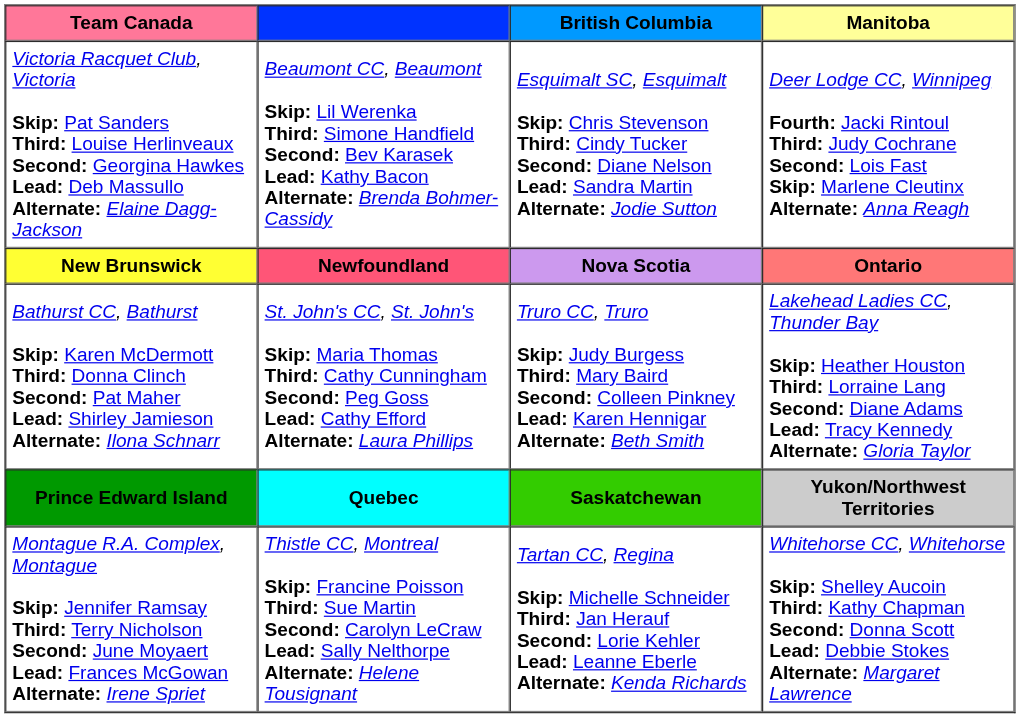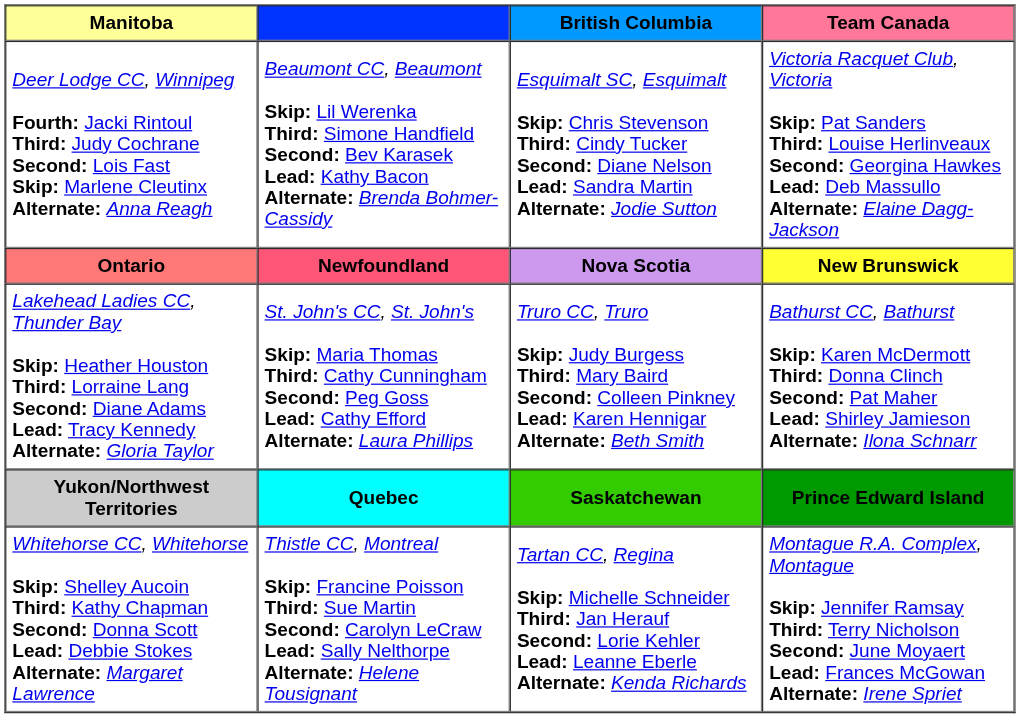 <table border=1 cellpadding=5 cellspacing=0>
 <tr>
-<th bgcolor="#ff7799" width="200">Team Canada</th>
+<th bgcolor="#ffff99" width="200">Manitoba</th>
 <th bgcolor="#0033ff" width="200"></th>
 <th bgcolor="#0099ff" width="200">British Columbia</th>
-<th bgcolor="#ffff99" width="200">Manitoba</th>
+<th bgcolor="#ff7799" width="200">Team Canada</th>
 </tr>
 <tr align=center>
-<td align=left><em><a href='#'>Victoria Racquet Club</a>, <a href='#'>Victoria</a></em> <br><br><strong>Skip:</strong>  <a href='#'>Pat Sanders</a><br> <strong>Third:</strong> <a href='#'>Louise Herlinveaux</a><br> <strong>Second:</strong> <a href='#'>Georgina Hawkes</a><br> <strong>Lead:</strong> <a href='#'>Deb Massullo</a><br> <strong>Alternate:</strong> <em><a href='#'>Elaine Dagg-Jackson</a></em></td>
+<td align=left><em><a href='#'>Deer Lodge CC</a>, <a href='#'>Winnipeg</a></em> <br><br><strong>Fourth:</strong>  <a href='#'>Jacki Rintoul</a><br> <strong>Third:</strong> <a href='#'>Judy Cochrane</a><br> <strong>Second:</strong> <a href='#'>Lois Fast</a><br> <strong>Skip:</strong> <a href='#'>Marlene Cleutinx</a><br> <strong>Alternate:</strong> <em><a href='#'>Anna Reagh</a></em></td>
 <td align=left><em><a href='#'>Beaumont CC</a>, <a href='#'>Beaumont</a></em> <br><br><strong>Skip:</strong>  <a href='#'>Lil Werenka</a><br> <strong>Third:</strong> <a href='#'>Simone Handfield</a><br> <strong>Second:</strong> <a href='#'>Bev Karasek</a><br> <strong>Lead:</strong> <a href='#'>Kathy Bacon</a><br> <strong>Alternate:</strong> <em><a href='#'>Brenda Bohmer-Cassidy</a></em></td>
 <td align=left><em><a href='#'>Esquimalt SC</a>, <a href='#'>Esquimalt</a></em> <br><br><strong>Skip:</strong>  <a href='#'>Chris Stevenson</a><br> <strong>Third:</strong> <a href='#'>Cindy Tucker</a><br> <strong>Second:</strong> <a href='#'>Diane Nelson</a><br> <strong>Lead:</strong> <a href='#'>Sandra Martin</a><br> <strong>Alternate:</strong> <em><a href='#'>Jodie Sutton</a></em></td>
-<td align=left><em><a href='#'>Deer Lodge CC</a>, <a href='#'>Winnipeg</a></em> <br><br><strong>Fourth:</strong>  <a href='#'>Jacki Rintoul</a><br> <strong>Third:</strong> <a href='#'>Judy Cochrane</a><br> <strong>Second:</strong> <a href='#'>Lois Fast</a><br> <strong>Skip:</strong> <a href='#'>Marlene Cleutinx</a><br> <strong>Alternate:</strong> <em><a href='#'>Anna Reagh</a></em></td>
+<td align=left><em><a href='#'>Victoria Racquet Club</a>, <a href='#'>Victoria</a></em> <br><br><strong>Skip:</strong>  <a href='#'>Pat Sanders</a><br> <strong>Third:</strong> <a href='#'>Louise Herlinveaux</a><br> <strong>Second:</strong> <a href='#'>Georgina Hawkes</a><br> <strong>Lead:</strong> <a href='#'>Deb Massullo</a><br> <strong>Alternate:</strong> <em><a href='#'>Elaine Dagg-Jackson</a></em></td>
 </tr>
 <tr border=1 cellpadding=5 cellspacing=0>
-<th bgcolor="#ffff33" width="200">New Brunswick</th>
+<th bgcolor="#ff7777" width="200">Ontario</th>
 <th bgcolor="#ff5577" width="200">Newfoundland</th>
 <th bgcolor="#cc99ee" width="200">Nova Scotia</th>
-<th bgcolor="#ff7777" width="200">Ontario</th>
+<th bgcolor="#ffff33" width="200">New Brunswick</th>
 </tr>
 <tr align=center>
-<td align=left><em><a href='#'>Bathurst CC</a>, <a href='#'>Bathurst</a></em> <br><br><strong>Skip:</strong>  <a href='#'>Karen McDermott</a><br> <strong>Third:</strong> <a href='#'>Donna Clinch</a><br> <strong>Second:</strong> <a href='#'>Pat Maher</a><br> <strong>Lead:</strong> <a href='#'>Shirley Jamieson</a><br> <strong>Alternate:</strong> <em><a href='#'>Ilona Schnarr</a></em></td>
+<td align=left><em><a href='#'>Lakehead Ladies CC</a>, <a href='#'>Thunder Bay</a></em> <br><br><strong>Skip:</strong>  <a href='#'>Heather Houston</a><br> <strong>Third:</strong> <a href='#'>Lorraine Lang</a><br> <strong>Second:</strong> <a href='#'>Diane Adams</a><br> <strong>Lead:</strong> <a href='#'>Tracy Kennedy</a><br> <strong>Alternate:</strong> <em><a href='#'>Gloria Taylor</a></em></td>
 <td align=left><em><a href='#'>St. John's CC</a>, <a href='#'>St. John's</a></em> <br><br><strong>Skip:</strong>  <a href='#'>Maria Thomas</a><br> <strong>Third:</strong> <a href='#'>Cathy Cunningham</a><br> <strong>Second:</strong> <a href='#'>Peg Goss</a><br> <strong>Lead:</strong> <a href='#'>Cathy Efford</a><br> <strong>Alternate:</strong> <em><a href='#'>Laura Phillips</a></em></td>
 <td align=left><em><a href='#'>Truro CC</a>, <a href='#'>Truro</a></em> <br><br><strong>Skip:</strong>  <a href='#'>Judy Burgess</a><br> <strong>Third:</strong> <a href='#'>Mary Baird</a> <br> <strong>Second:</strong> <a href='#'>Colleen Pinkney</a><br> <strong>Lead:</strong> <a href='#'>Karen Hennigar</a><br> <strong>Alternate:</strong> <em><a href='#'>Beth Smith</a></em></td>
-<td align=left><em><a href='#'>Lakehead Ladies CC</a>, <a href='#'>Thunder Bay</a></em> <br><br><strong>Skip:</strong>  <a href='#'>Heather Houston</a><br> <strong>Third:</strong> <a href='#'>Lorraine Lang</a><br> <strong>Second:</strong> <a href='#'>Diane Adams</a><br> <strong>Lead:</strong> <a href='#'>Tracy Kennedy</a><br> <strong>Alternate:</strong> <em><a href='#'>Gloria Taylor</a></em></td>
+<td align=left><em><a href='#'>Bathurst CC</a>, <a href='#'>Bathurst</a></em> <br><br><strong>Skip:</strong>  <a href='#'>Karen McDermott</a><br> <strong>Third:</strong> <a href='#'>Donna Clinch</a><br> <strong>Second:</strong> <a href='#'>Pat Maher</a><br> <strong>Lead:</strong> <a href='#'>Shirley Jamieson</a><br> <strong>Alternate:</strong> <em><a href='#'>Ilona Schnarr</a></em></td>
 </tr>
 <tr border=1 cellpadding=5 cellspacing=0>
-<th bgcolor="#009900" width="200">Prince Edward Island</th>
+<th bgcolor="#cccccc" width="200">Yukon/Northwest Territories</th>
 <th bgcolor="#00ffff" width="200">Quebec</th>
 <th bgcolor="#33cc00" width="200">Saskatchewan</th>
-<th bgcolor="#cccccc" width="200">Yukon/Northwest Territories</th>
+<th bgcolor="#009900" width="200">Prince Edward Island</th>
 </tr>
 <tr align=center>
-<td align=left><em><a href='#'>Montague R.A. Complex</a>, <a href='#'>Montague</a></em> <br><br><strong>Skip:</strong>  <a href='#'>Jennifer Ramsay</a><br> <strong>Third:</strong> <a href='#'>Terry Nicholson</a><br> <strong>Second:</strong> <a href='#'>June Moyaert</a><br> <strong>Lead:</strong> <a href='#'>Frances McGowan</a><br> <strong>Alternate:</strong> <em><a href='#'>Irene Spriet</a></em></td>
+<td align=left><em><a href='#'>Whitehorse CC</a>, <a href='#'>Whitehorse</a></em> <br><br><strong>Skip:</strong>  <a href='#'>Shelley Aucoin</a><br> <strong>Third:</strong> <a href='#'>Kathy Chapman</a><br> <strong>Second:</strong> <a href='#'>Donna Scott</a><br> <strong>Lead:</strong> <a href='#'>Debbie Stokes</a><br> <strong>Alternate:</strong> <em><a href='#'>Margaret Lawrence</a></em></td>
 <td align=left><em><a href='#'>Thistle CC</a>, <a href='#'>Montreal</a></em> <br><br><strong>Skip:</strong>  <a href='#'>Francine Poisson</a><br> <strong>Third:</strong> <a href='#'>Sue Martin</a><br> <strong>Second:</strong> <a href='#'>Carolyn LeCraw</a><br> <strong>Lead:</strong> <a href='#'>Sally Nelthorpe</a><br> <strong>Alternate:</strong> <em><a href='#'>Helene Tousignant</a></em></td>
 <td align=left><em><a href='#'>Tartan CC</a>, <a href='#'>Regina</a></em> <br><br><strong>Skip:</strong>  <a href='#'>Michelle Schneider</a><br> <strong>Third:</strong> <a href='#'>Jan Herauf</a><br> <strong>Second:</strong> <a href='#'>Lorie Kehler</a><br> <strong>Lead:</strong> <a href='#'>Leanne Eberle</a><br> <strong>Alternate:</strong> <em><a href='#'>Kenda Richards</a></em></td>
-<td align=left><em><a href='#'>Whitehorse CC</a>, <a href='#'>Whitehorse</a></em> <br><br><strong>Skip:</strong>  <a href='#'>Shelley Aucoin</a><br> <strong>Third:</strong> <a href='#'>Kathy Chapman</a><br> <strong>Second:</strong> <a href='#'>Donna Scott</a><br> <strong>Lead:</strong> <a href='#'>Debbie Stokes</a><br> <strong>Alternate:</strong> <em><a href='#'>Margaret Lawrence</a></em></td>
+<td align=left><em><a href='#'>Montague R.A. Complex</a>, <a href='#'>Montague</a></em> <br><br><strong>Skip:</strong>  <a href='#'>Jennifer Ramsay</a><br> <strong>Third:</strong> <a href='#'>Terry Nicholson</a><br> <strong>Second:</strong> <a href='#'>June Moyaert</a><br> <strong>Lead:</strong> <a href='#'>Frances McGowan</a><br> <strong>Alternate:</strong> <em><a href='#'>Irene Spriet</a></em></td>
 </tr>
 </table>
